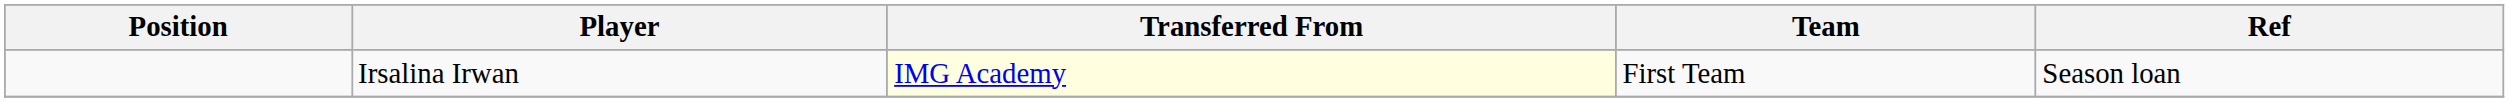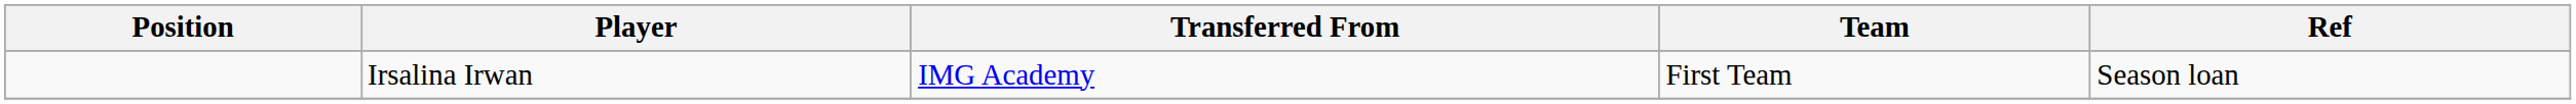 <table class="wikitable sortable" style="width:70%; text-align:center; font-size:100%; text-align:left;">
 <tr>
 <th>Position</th>
 <th>Player</th>
 <th>Transferred From</th>
 <th>Team</th>
 <th>Ref</th>
 </tr>
 <tr>
 <td></td>
 <td> Irsalina Irwan</td>
-<td style="background: lightyellow;"> <a href='#'>IMG Academy</a></td>
+<td> <a href='#'>IMG Academy</a></td>
 <td>First Team</td>
 <td>Season loan </td>
 </tr>
 <tr>
 </tr>
 </table>
